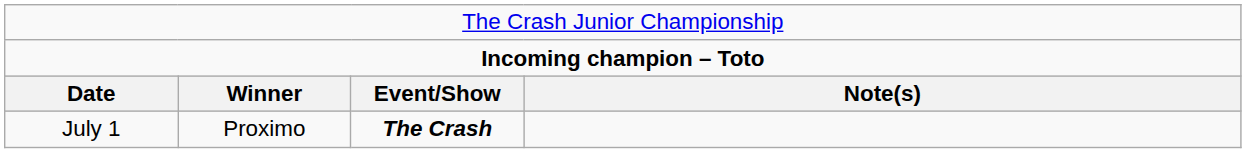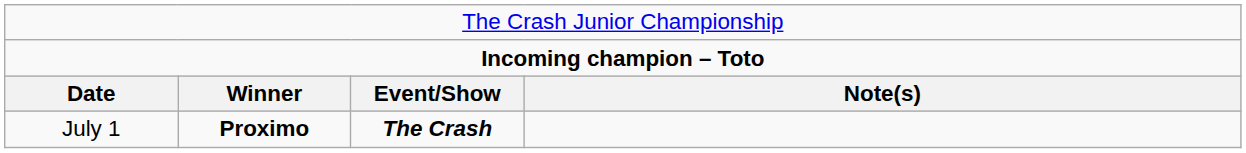 <table class="wikitable" style="text-align:center; width:100%;">
 <tr>
 <td colspan="4" style="text-align: center;"><a href='#'>The Crash Junior Championship</a></td>
 </tr>
 <tr>
 <td colspan="4" style="text-align: center;"><strong>Incoming champion – Toto</strong></td>
 </tr>
 <tr>
 <th width=14%>Date</th>
 <th width=14%>Winner</th>
 <th width=14%>Event/Show</th>
 <th width=58%>Note(s)</th>
 </tr>
 <tr>
 <td>July 1</td>
-<td>Proximo</td>
+<td><strong>Proximo</strong></td>
 <td><strong><em>The Crash</em></strong></td>
 <td></td>
 </tr>
 </table>
